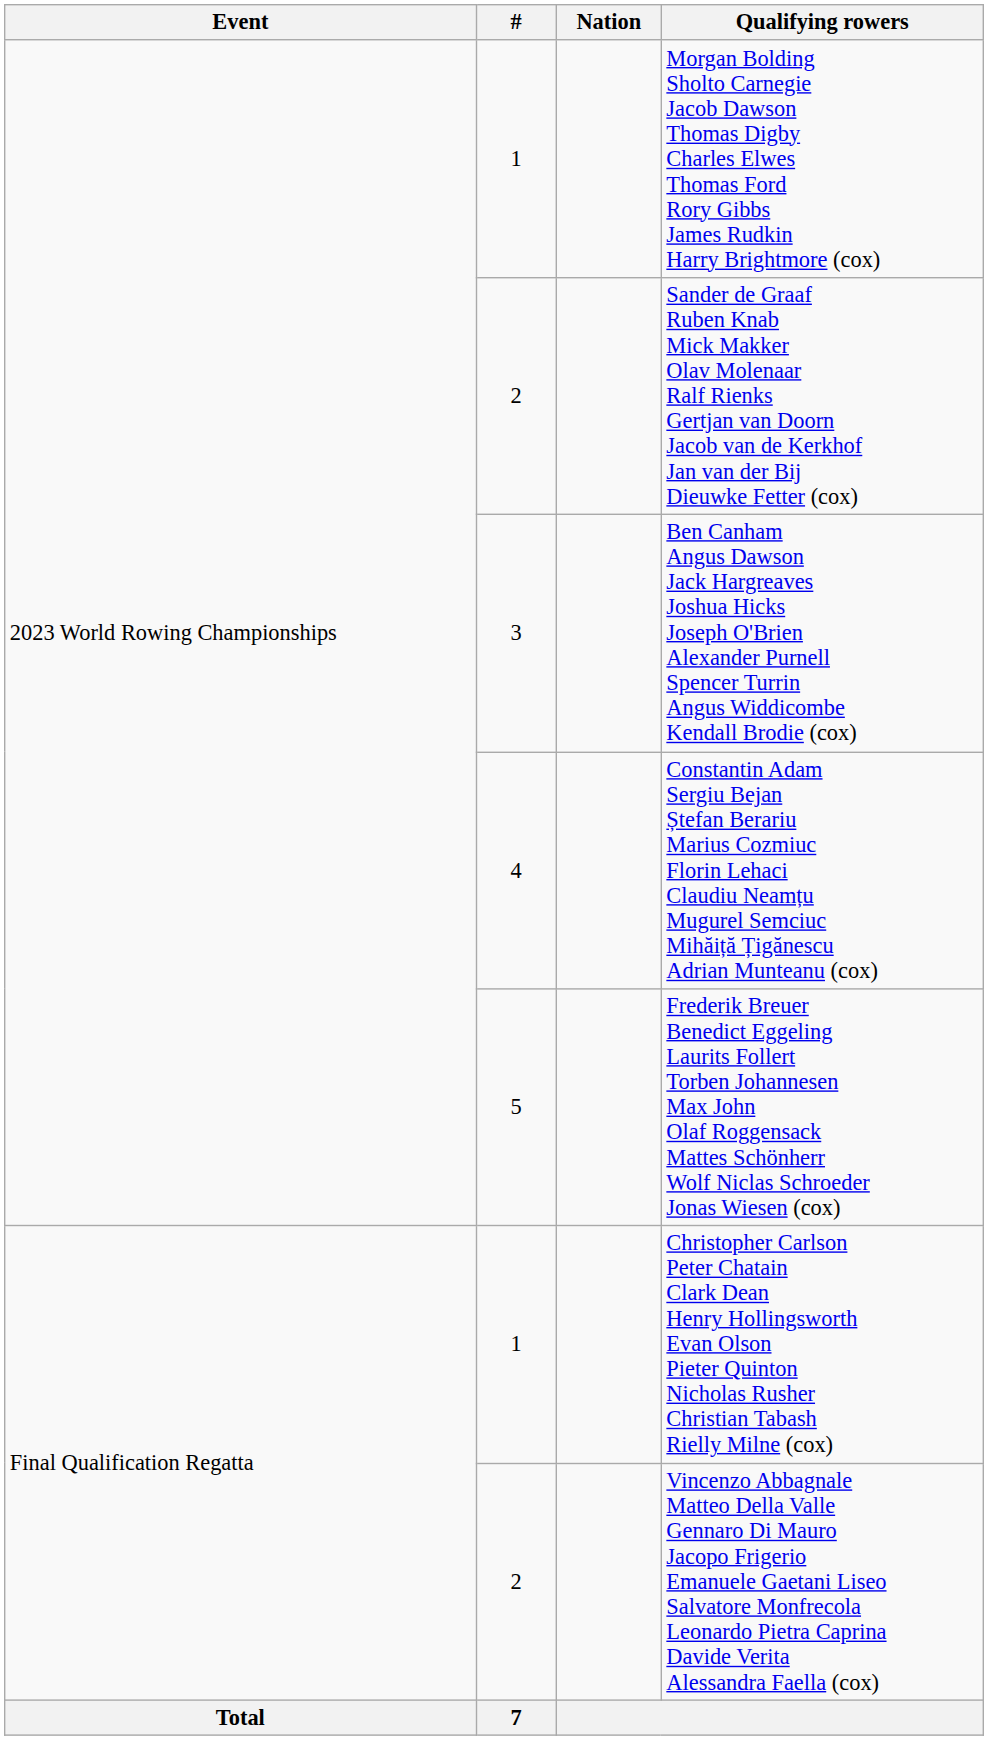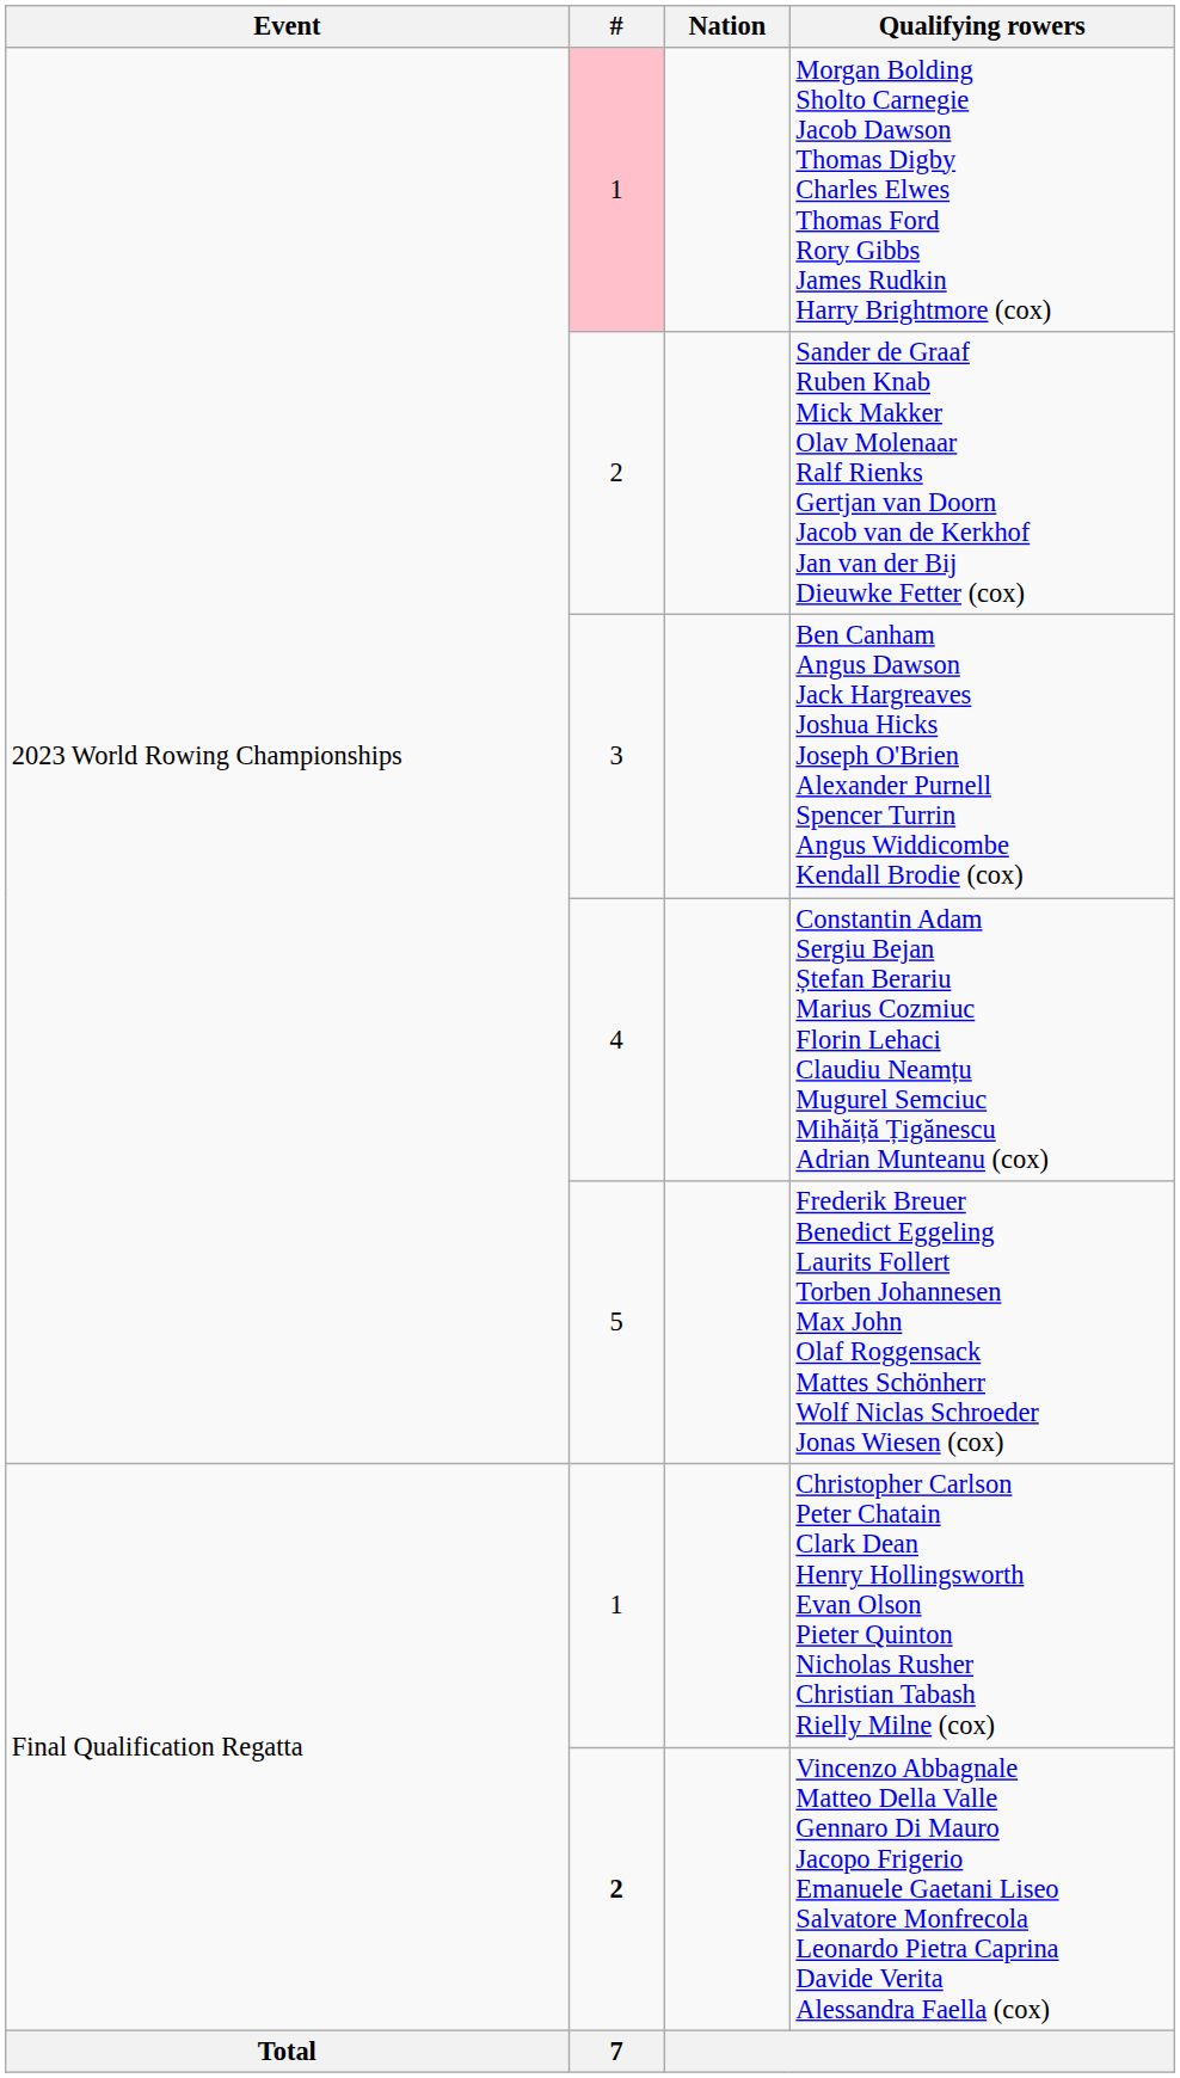 <table class="wikitable"  style="width:700px; text-align:center;">
 <tr>
 <th>Event</th>
 <th width=50>#</th>
 <th>Nation</th>
 <th>Qualifying rowers</th>
 </tr>
 <tr>
 <td rowspan=5 align=left>2023 World Rowing Championships</td>
-<td>1</td>
+<td style="background: pink;">1</td>
 <td align=left></td>
 <td align=left><a href='#'>Morgan Bolding</a><br><a href='#'>Sholto Carnegie</a><br><a href='#'>Jacob Dawson</a><br><a href='#'>Thomas Digby</a><br><a href='#'>Charles Elwes</a><br><a href='#'>Thomas Ford</a><br><a href='#'>Rory Gibbs</a><br><a href='#'>James Rudkin</a><br><a href='#'>Harry Brightmore</a> (cox)</td>
 </tr>
 <tr>
 <td>2</td>
 <td align=left></td>
 <td align=left><a href='#'>Sander de Graaf</a><br><a href='#'>Ruben Knab</a><br><a href='#'>Mick Makker</a><br><a href='#'>Olav Molenaar</a><br><a href='#'>Ralf Rienks</a><br><a href='#'>Gertjan van Doorn</a><br><a href='#'>Jacob van de Kerkhof</a><br><a href='#'>Jan van der Bij</a><br><a href='#'>Dieuwke Fetter</a> (cox)</td>
 </tr>
 <tr>
 <td>3</td>
 <td align=left></td>
 <td align=left><a href='#'>Ben Canham</a><br><a href='#'>Angus Dawson</a><br><a href='#'>Jack Hargreaves</a><br><a href='#'>Joshua Hicks</a><br><a href='#'>Joseph O'Brien</a><br><a href='#'>Alexander Purnell</a><br><a href='#'>Spencer Turrin</a><br><a href='#'>Angus Widdicombe</a><br><a href='#'>Kendall Brodie</a> (cox)</td>
 </tr>
 <tr>
 <td>4</td>
 <td align=left></td>
 <td align=left><a href='#'>Constantin Adam</a><br><a href='#'>Sergiu Bejan</a><br><a href='#'>Ștefan Berariu</a><br><a href='#'>Marius Cozmiuc</a><br><a href='#'>Florin Lehaci</a><br><a href='#'>Claudiu Neamțu</a><br><a href='#'>Mugurel Semciuc</a><br><a href='#'>Mihăiță Țigănescu</a><br><a href='#'>Adrian Munteanu</a> (cox)</td>
 </tr>
 <tr>
 <td>5</td>
 <td align=left></td>
 <td align=left><a href='#'>Frederik Breuer</a><br><a href='#'>Benedict Eggeling</a><br><a href='#'>Laurits Follert</a><br><a href='#'>Torben Johannesen</a><br><a href='#'>Max John</a><br><a href='#'>Olaf Roggensack</a><br><a href='#'>Mattes Schönherr</a><br><a href='#'>Wolf Niclas Schroeder</a><br><a href='#'>Jonas Wiesen</a> (cox)</td>
 </tr>
 <tr>
 <td rowspan=2 align=left>Final Qualification Regatta</td>
 <td>1</td>
 <td align=left></td>
 <td align=left><a href='#'>Christopher Carlson</a><br><a href='#'>Peter Chatain</a><br><a href='#'>Clark Dean</a><br><a href='#'>Henry Hollingsworth</a><br><a href='#'>Evan Olson</a><br><a href='#'>Pieter Quinton</a><br><a href='#'>Nicholas Rusher</a><br><a href='#'>Christian Tabash</a><br><a href='#'>Rielly Milne</a> (cox)</td>
 </tr>
 <tr>
-<td>2</td>
+<td><strong>2</strong></td>
 <td align=left></td>
 <td align=left><a href='#'>Vincenzo Abbagnale</a><br><a href='#'>Matteo Della Valle</a><br><a href='#'>Gennaro Di Mauro</a><br><a href='#'>Jacopo Frigerio</a><br><a href='#'>Emanuele Gaetani Liseo</a><br><a href='#'>Salvatore Monfrecola</a><br><a href='#'>Leonardo Pietra Caprina</a><br><a href='#'>Davide Verita</a><br><a href='#'>Alessandra Faella</a> (cox)</td>
 </tr>
 <tr>
 <th>Total</th>
 <th>7</th>
 <th colspan=2></th>
 </tr>
 </table>
